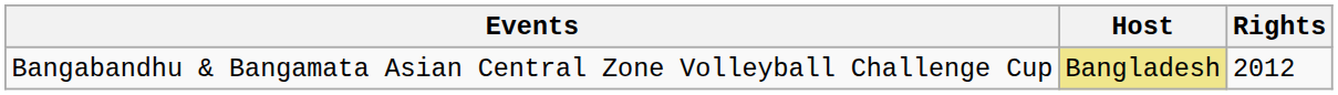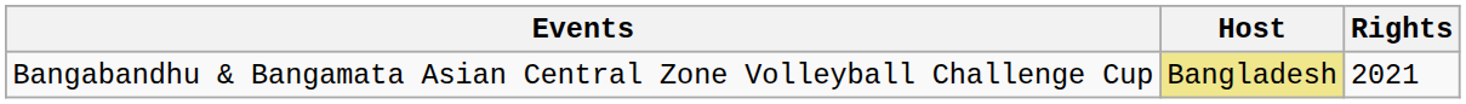 <table class="wikitable">
 <tr>
 <th>Events</th>
 <th>Host</th>
 <th>Rights</th>
 </tr>
 <tr>
 <td>Bangabandhu & Bangamata Asian Central Zone Volleyball Challenge Cup</td>
 <td style="background: khaki;">Bangladesh</td>
-<td>2012</td>
+<td>2021</td>
 </tr>
 </table>
